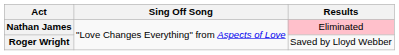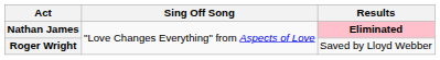 <table class="wikitable plainrowheaders" style="text-align:center;">
 <tr>
 <th scope="col">Act</th>
 <th scope="col">Sing Off Song</th>
 <th scope="col">Results</th>
 </tr>
 <tr>
 <th scope="row">Nathan James</th>
 <td rowspan="2">"Love Changes Everything" from <em><a href='#'>Aspects of Love</a></em></td>
-<td style="background:pink;">Eliminated</td>
+<td style="background:pink;"><strong>Eliminated</strong></td>
 </tr>
 <tr>
 <th scope="row">Roger Wright</th>
 <td>Saved by Lloyd Webber</td>
 </tr>
 </table>
